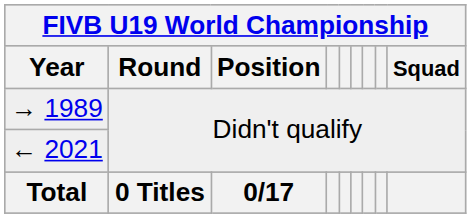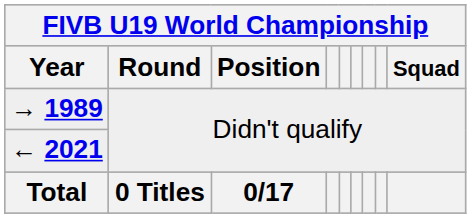 <table class="wikitable" style="text-align: center;">
 <tr>
 <th colspan=9><a href='#'>FIVB U19 World Championship</a></th>
 </tr>
 <tr>
 <th>Year</th>
 <th>Round</th>
 <th>Position</th>
 <th></th>
 <th></th>
 <th></th>
 <th></th>
 <th></th>
 <th><small>Squad</small></th>
 </tr>
 <tr bgcolor="efefef">
-<td> → <a href='#'>1989</a></td>
+<td><strong> → <a href='#'>1989</a></strong></td>
 <td colspan="8" rowspan=2>Didn't qualify</td>
 </tr>
 <tr bgcolor="efefef">
-<td> ← <a href='#'>2021</a></td>
+<td><strong> ← <a href='#'>2021</a></strong></td>
 </tr>
 <tr>
 <th>Total</th>
 <th>0 Titles</th>
 <th>0/17</th>
 <th></th>
 <th></th>
 <th></th>
 <th></th>
 <th></th>
 <th></th>
 </tr>
 </table>
